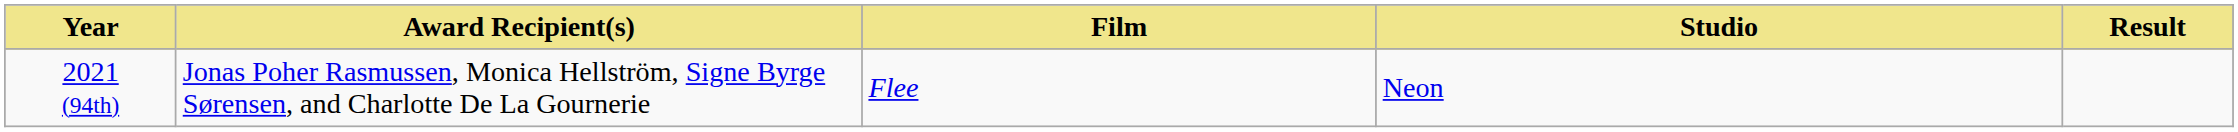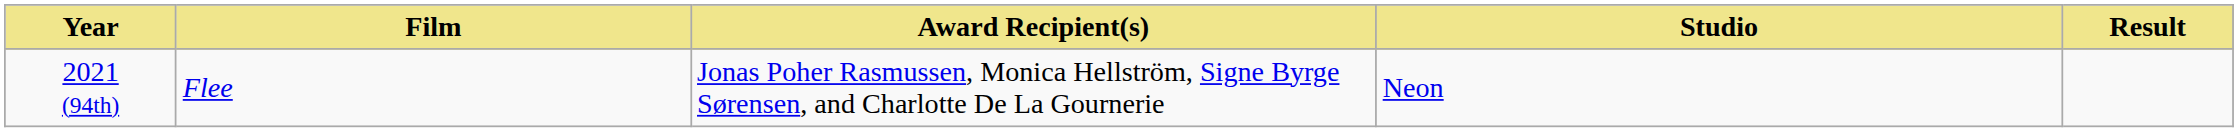 <table class="wikitable" width="80%">
 <tr>
 <th width="5%" style="background:#F0E68C">Year</th>
+<th width="15%" style="background:#F0E68C">Film</th>
 <th width="20%" style="background:#F0E68C">Award Recipient(s)</th>
-<th width="15%" style="background:#F0E68C">Film</th>
 <th width="20%" style="background:#F0E68C">Studio</th>
 <th width="5%" style="background:#F0E68C">Result</th>
 </tr>
 <tr>
 <td align="center"><a href='#'>2021</a> <br><small><a href='#'>(94th)</a></small></td>
+<td><em><a href='#'>Flee</a></em></td>
 <td><a href='#'>Jonas Poher Rasmussen</a>, Monica Hellström, <a href='#'>Signe Byrge Sørensen</a>, and Charlotte De La Gournerie</td>
-<td><em><a href='#'>Flee</a></em></td>
 <td><a href='#'>Neon</a></td>
 <td></td>
 </tr>
 </table>
